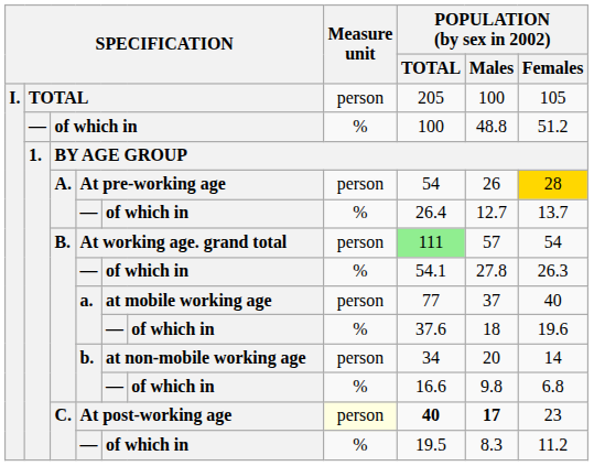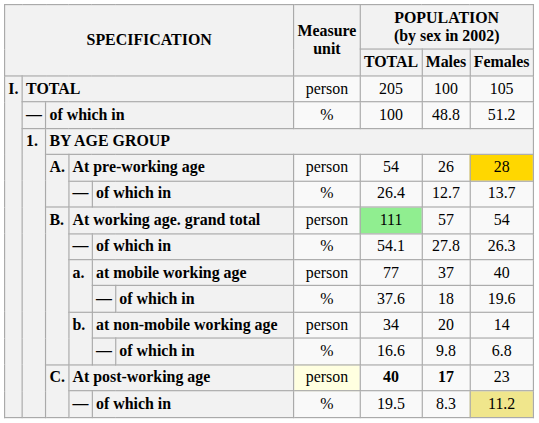 <table class="wikitable" style="font-size:85%; text-align:center">
 <tr>
 <th rowspan="2" colspan="6">SPECIFICATION</th>
 <th rowspan="2">Measure<br> unit</th>
 <th colspan="3" rowspan="1">POPULATION<br> (by sex in 2002)</th>
 </tr>
 <tr>
 <th>TOTAL</th>
 <th>Males</th>
 <th>Females</th>
 </tr>
 <tr>
 <th style="text-align:left" valign="top" rowspan="13">I.</th>
 <th style="text-align:left" colspan="5">TOTAL</th>
 <td>person</td>
 <td>205</td>
 <td>100</td>
 <td>105</td>
 </tr>
 <tr>
 <th style="text-align:left" valign="top">—</th>
 <th style="text-align:left" colspan="4">of which in</th>
 <td>%</td>
 <td>100</td>
 <td>48.8</td>
 <td>51.2</td>
 </tr>
 <tr>
 <th style="text-align:left" valign="top" rowspan="11">1.</th>
 <th style="text-align:left" colspan="19">BY AGE GROUP</th>
 </tr>
 <tr>
 <th style="text-align:left" valign="top" rowspan="2">A.</th>
 <th style="text-align:left" colspan="3">At pre-working age</th>
 <td>person</td>
 <td>54</td>
 <td>26</td>
 <td style="background: gold;">28</td>
 </tr>
 <tr>
 <th style="text-align:left" valign="top">—</th>
 <th style="text-align:left" valign="top" colspan="2">of which in</th>
 <td>%</td>
 <td>26.4</td>
 <td>12.7</td>
 <td>13.7</td>
 </tr>
 <tr>
 <th style="text-align:left" valign="top" rowspan="6">B.</th>
 <th style="text-align:left" colspan="3">At working age. grand total</th>
 <td>person</td>
 <td style="background: lightgreen;">111</td>
 <td>57</td>
 <td>54</td>
 </tr>
 <tr>
 <th style="text-align:left" valign="top">—</th>
 <th style="text-align:left" valign="top" colspan="2">of which in</th>
 <td>%</td>
 <td>54.1</td>
 <td>27.8</td>
 <td>26.3</td>
 </tr>
 <tr>
 <th style="text-align:left" valign="top" rowspan="2">a.</th>
 <th style="text-align:left" colspan="2">at mobile working age</th>
 <td>person</td>
 <td>77</td>
 <td>37</td>
 <td>40</td>
 </tr>
 <tr>
 <th style="text-align:left" valign="top">—</th>
 <th style="text-align:left" valign="top" colspan="1">of which in                        </th>
 <td>%</td>
 <td>37.6</td>
 <td>18</td>
 <td>19.6</td>
 </tr>
 <tr>
 <th style="text-align:left" valign="top" rowspan="2">b.</th>
 <th style="text-align:left" colspan="2">at non-mobile working age</th>
 <td>person</td>
 <td>34</td>
 <td>20</td>
 <td>14</td>
 </tr>
 <tr>
 <th style="text-align:left" valign="top">—</th>
 <th style="text-align:left" valign="top" colspan="1">of which in                        </th>
 <td>%</td>
 <td>16.6</td>
 <td>9.8</td>
 <td>6.8</td>
 </tr>
 <tr>
 <th style="text-align:left" valign="top" rowspan="2">C.</th>
 <th style="text-align:left" colspan="3">At post-working age</th>
 <td style="background: lightyellow;">person</td>
 <td><strong>40</strong></td>
 <td><strong>17</strong></td>
 <td>23</td>
 </tr>
 <tr>
 <th style="text-align:left" valign="top">—</th>
 <th style="text-align:left" valign="top" colspan="2">of which in</th>
 <td>%</td>
 <td>19.5</td>
 <td>8.3</td>
-<td>11.2</td>
+<td style="background: khaki;">11.2</td>
 </tr>
 </table>
